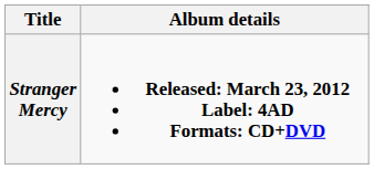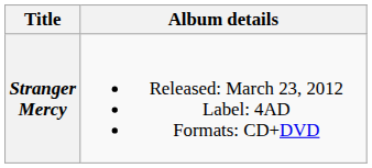 <table class="wikitable plainrowheaders" style="text-align:center;">
 <tr>
 <th scope="col" style="width:33px;">Title</th>
 <th scope="col" style="width:240px;">Album details</th>
 </tr>
 <tr>
 <th scope="row"><em>Stranger Mercy</em></th>
-<td><strong><br><ul><li>Released: March 23, 2012</li><li>Label: 4AD</li><li>Formats: CD+<a href='#'>DVD</a></li></ul></strong></td>
+<td><br><ul><li>Released: March 23, 2012</li><li>Label: 4AD</li><li>Formats: CD+<a href='#'>DVD</a></li></ul></td>
 </tr>
 </table>
